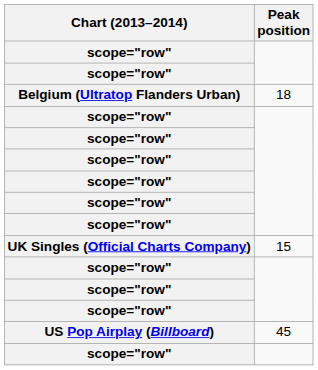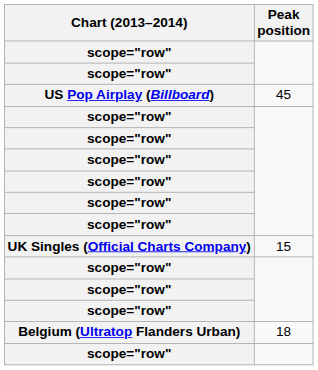 <table class="wikitable sortable plainrowheaders" style="text-align:center">
 <tr>
 <th scope="col">Chart (2013–2014)</th>
 <th scope="col">Peak<br>position</th>
 </tr>
 <tr>
 <th>scope="row" </th>
 </tr>
 <tr>
 <th>scope="row" </th>
 </tr>
 <tr>
-<th scope="row">Belgium (<a href='#'>Ultratop</a> Flanders Urban)</th>
-<td style="text-align:center;">18</td>
+<th scope="row">US <a href='#'>Pop Airplay</a> (<em><a href='#'>Billboard</a></em>)</th>
+<td>45</td>
 </tr>
 <tr>
 <th>scope="row" </th>
 </tr>
 <tr>
 <th>scope="row" </th>
 </tr>
 <tr>
 <th>scope="row" </th>
 </tr>
 <tr>
 <th>scope="row" </th>
 </tr>
 <tr>
 <th>scope="row" </th>
 </tr>
 <tr>
 <th>scope="row" </th>
 </tr>
 <tr>
 <th scope="row">UK Singles (<a href='#'>Official Charts Company</a>)</th>
 <td style="text-align:center;">15</td>
 </tr>
 <tr>
 <th>scope="row" </th>
 </tr>
 <tr>
 <th>scope="row" </th>
 </tr>
 <tr>
 <th>scope="row" </th>
 </tr>
 <tr>
-<th scope="row">US <a href='#'>Pop Airplay</a> (<em><a href='#'>Billboard</a></em>)</th>
-<td>45</td>
+<th scope="row">Belgium (<a href='#'>Ultratop</a> Flanders Urban)</th>
+<td style="text-align:center;">18</td>
 </tr>
 <tr>
 <th>scope="row" </th>
 </tr>
 </table>
